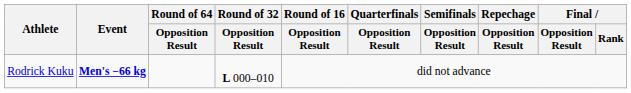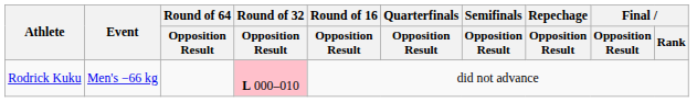 <table class="wikitable" style="font-size:90%">
 <tr>
 <th rowspan=2>Athlete</th>
 <th rowspan=2>Event</th>
 <th>Round of 64</th>
 <th>Round of 32</th>
 <th>Round of 16</th>
 <th>Quarterfinals</th>
 <th>Semifinals</th>
 <th>Repechage</th>
 <th colspan=2>Final / </th>
 </tr>
 <tr style="font-size:95%">
 <th>Opposition<br>Result</th>
 <th>Opposition<br>Result</th>
 <th>Opposition<br>Result</th>
 <th>Opposition<br>Result</th>
 <th>Opposition<br>Result</th>
 <th>Opposition<br>Result</th>
 <th>Opposition<br>Result</th>
 <th>Rank</th>
 </tr>
 <tr align=center>
 <td align=left><a href='#'>Rodrick Kuku</a></td>
-<td align=left><strong><a href='#'>Men's −66 kg</a></strong></td>
+<td align=left><a href='#'>Men's −66 kg</a></td>
 <td></td>
-<td><br><strong>L</strong> 000–010</td>
+<td style="background: pink;"><br><strong>L</strong> 000–010</td>
 <td colspan=6>did not advance</td>
 </tr>
 </table>
